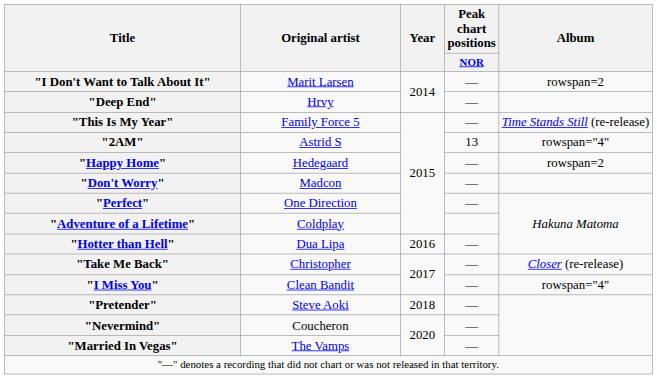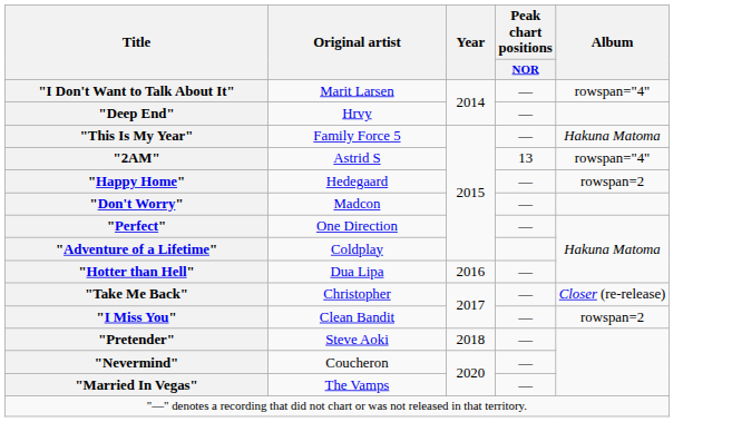 <table class="wikitable plainrowheaders" style="text-align:center;">
 <tr>
 <th scope="col" rowspan="2" style="width:18em;">Title</th>
 <th scope="col" rowspan="2" style="width:12em;">Original artist</th>
 <th scope="col" rowspan="2" style="width:3em;">Year</th>
 <th scope="col" colspan="1">Peak chart positions</th>
 <th scope="col" rowspan="2">Album</th>
 </tr>
 <tr>
 <th scope="col" style="width:3em;font-size:85%;"><a href='#'>NOR</a><br></th>
 </tr>
 <tr>
 <th scope="row">"I Don't Want to Talk About It" <br></th>
 <td><a href='#'>Marit Larsen</a></td>
 <td rowspan=2>2014</td>
 <td>—</td>
-<td>rowspan=2 </td>
+<td>rowspan="4" </td>
 </tr>
 <tr>
 <th scope="row">"Deep End" </th>
 <td><a href='#'>Hrvy</a></td>
 <td>—</td>
 </tr>
 <tr>
 <th scope="row">"This Is My Year" </th>
 <td><a href='#'>Family Force 5</a></td>
 <td rowspan=6>2015</td>
 <td>—</td>
-<td><em><a href='#'>Time Stands Still</a></em> (re-release)</td>
+<td><em>Hakuna Matoma</em></td>
 </tr>
 <tr>
 <th scope="row">"2AM" </th>
 <td><a href='#'>Astrid S</a></td>
 <td>13</td>
 <td>rowspan="4" </td>
 </tr>
 <tr>
 <th scope="row">"<a href='#'>Happy Home</a>" </th>
 <td><a href='#'>Hedegaard</a> <br></td>
 <td>—</td>
 <td>rowspan=2 </td>
 </tr>
 <tr>
 <th scope="row">"<a href='#'>Don't Worry</a>" </th>
 <td><a href='#'>Madcon</a></td>
 <td>—</td>
 </tr>
 <tr>
 <th scope="row">"<a href='#'>Perfect</a>" </th>
 <td><a href='#'>One Direction</a></td>
 <td>—</td>
 <td rowspan=3><em>Hakuna Matoma</em></td>
 </tr>
 <tr>
 <th scope="row">"<a href='#'>Adventure of a Lifetime</a>" </th>
 <td><a href='#'>Coldplay</a></td>
 <td —></td>
 </tr>
 <tr>
 <th scope="row">"<a href='#'>Hotter than Hell</a>" </th>
 <td><a href='#'>Dua Lipa</a></td>
 <td>2016</td>
 <td>—</td>
 </tr>
 <tr>
 <th scope="row">"Take Me Back" </th>
 <td><a href='#'>Christopher</a></td>
 <td rowspan="2">2017</td>
 <td>—</td>
 <td><em><a href='#'>Closer</a></em> (re-release)</td>
 </tr>
 <tr>
 <th scope="row">"<a href='#'>I Miss You</a>" </th>
 <td><a href='#'>Clean Bandit</a> <br></td>
 <td>—</td>
-<td>rowspan="4" </td>
+<td>rowspan=2 </td>
 </tr>
 <tr>
 <th scope="row">"Pretender" </th>
 <td><a href='#'>Steve Aoki</a> <br></td>
 <td>2018</td>
 <td>—</td>
 </tr>
 <tr>
 <th scope="row">"Nevermind" </th>
 <td>Coucheron <br></td>
 <td rowspan="2">2020</td>
 <td>—</td>
 </tr>
 <tr>
 <th scope="row">"Married In Vegas" </th>
 <td><a href='#'>The Vamps</a></td>
 <td>—</td>
 </tr>
 <tr>
 <td colspan="10" style="font-size:85%">"—" denotes a recording that did not chart or was not released in that territory.</td>
 </tr>
 </table>
